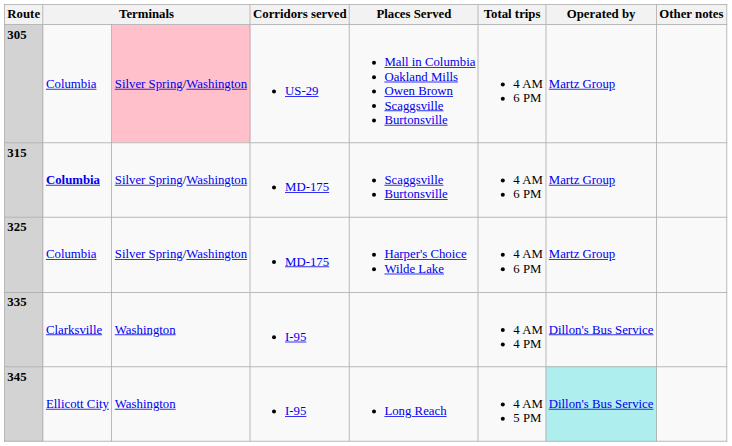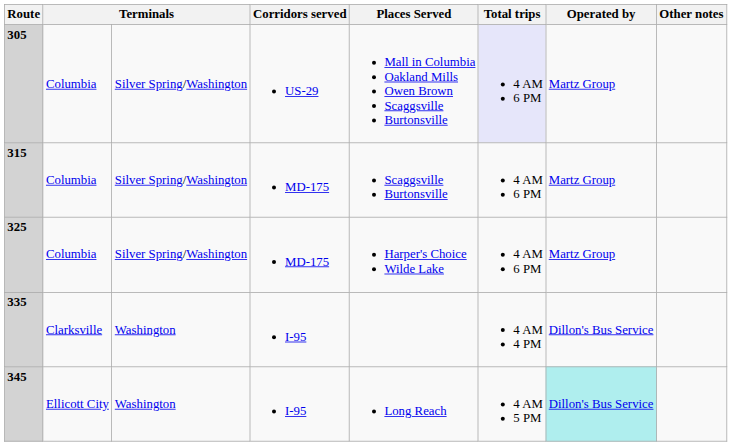 <table class="wikitable">
 <tr>
 <th>Route</th>
 <th colspan="2">Terminals</th>
 <th>Corridors served</th>
 <th>Places Served</th>
 <th>Total trips</th>
 <th>Operated by</th>
 <th>Other notes</th>
 </tr>
 <tr>
 <td style="background:lightgray; color:black; vertical-align:top"><div><strong>305</strong></div></td>
 <td><a href='#'>Columbia</a></td>
-<td style="background: pink;"><a href='#'>Silver Spring</a>/<a href='#'>Washington</a></td>
+<td><a href='#'>Silver Spring</a>/<a href='#'>Washington</a></td>
 <td><br><ul><li><a href='#'>US-29</a></li></ul></td>
 <td><br><ul><li><a href='#'>Mall in Columbia</a></li><li><a href='#'>Oakland Mills</a></li><li><a href='#'>Owen Brown</a></li><li><a href='#'>Scaggsville</a></li><li><a href='#'>Burtonsville</a></li></ul></td>
-<td><br><ul><li>4 AM</li><li>6 PM</li></ul></td>
+<td style="background: lavender;"><br><ul><li>4 AM</li><li>6 PM</li></ul></td>
 <td><a href='#'>Martz Group</a></td>
 <td></td>
 </tr>
 <tr>
 <td style="background:lightgray; color:black; vertical-align:top"><div><strong>315</strong></div></td>
-<td><strong><a href='#'>Columbia</a></strong></td>
+<td><a href='#'>Columbia</a></td>
 <td><a href='#'>Silver Spring</a>/<a href='#'>Washington</a></td>
 <td><br><ul><li><a href='#'>MD-175</a></li></ul></td>
 <td><br><ul><li><a href='#'>Scaggsville</a></li><li><a href='#'>Burtonsville</a></li></ul></td>
 <td><br><ul><li>4 AM</li><li>6 PM</li></ul></td>
 <td><a href='#'>Martz Group</a></td>
 <td></td>
 </tr>
 <tr>
 <td style="background:lightgray; color:black; vertical-align:top"><div><strong>325</strong></div></td>
 <td><a href='#'>Columbia</a></td>
 <td><a href='#'>Silver Spring</a>/<a href='#'>Washington</a></td>
 <td><br><ul><li><a href='#'>MD-175</a></li></ul></td>
 <td><br><ul><li><a href='#'>Harper's Choice</a></li><li><a href='#'>Wilde Lake</a></li></ul></td>
 <td><br><ul><li>4 AM</li><li>6 PM</li></ul></td>
 <td><a href='#'>Martz Group</a></td>
 <td></td>
 </tr>
 <tr>
 <td style="background:lightgray; color:black; vertical-align:top"><div><strong>335</strong></div></td>
 <td><a href='#'>Clarksville</a></td>
 <td><a href='#'>Washington</a></td>
 <td><br><ul><li><a href='#'>I-95</a></li></ul></td>
 <td></td>
 <td><br><ul><li>4 AM</li><li>4 PM</li></ul></td>
 <td><a href='#'>Dillon's Bus Service</a></td>
 <td></td>
 </tr>
 <tr>
 <td style="background:lightgray; color:black; vertical-align:top"><div><strong>345</strong></div></td>
 <td><a href='#'>Ellicott City</a></td>
 <td><a href='#'>Washington</a></td>
 <td><br><ul><li><a href='#'>I-95</a></li></ul></td>
 <td><br><ul><li><a href='#'>Long Reach</a></li></ul></td>
 <td><br><ul><li>4 AM</li><li>5 PM</li></ul></td>
 <td style="background: paleturquoise;"><a href='#'>Dillon's Bus Service</a></td>
 <td></td>
 </tr>
 </table>
